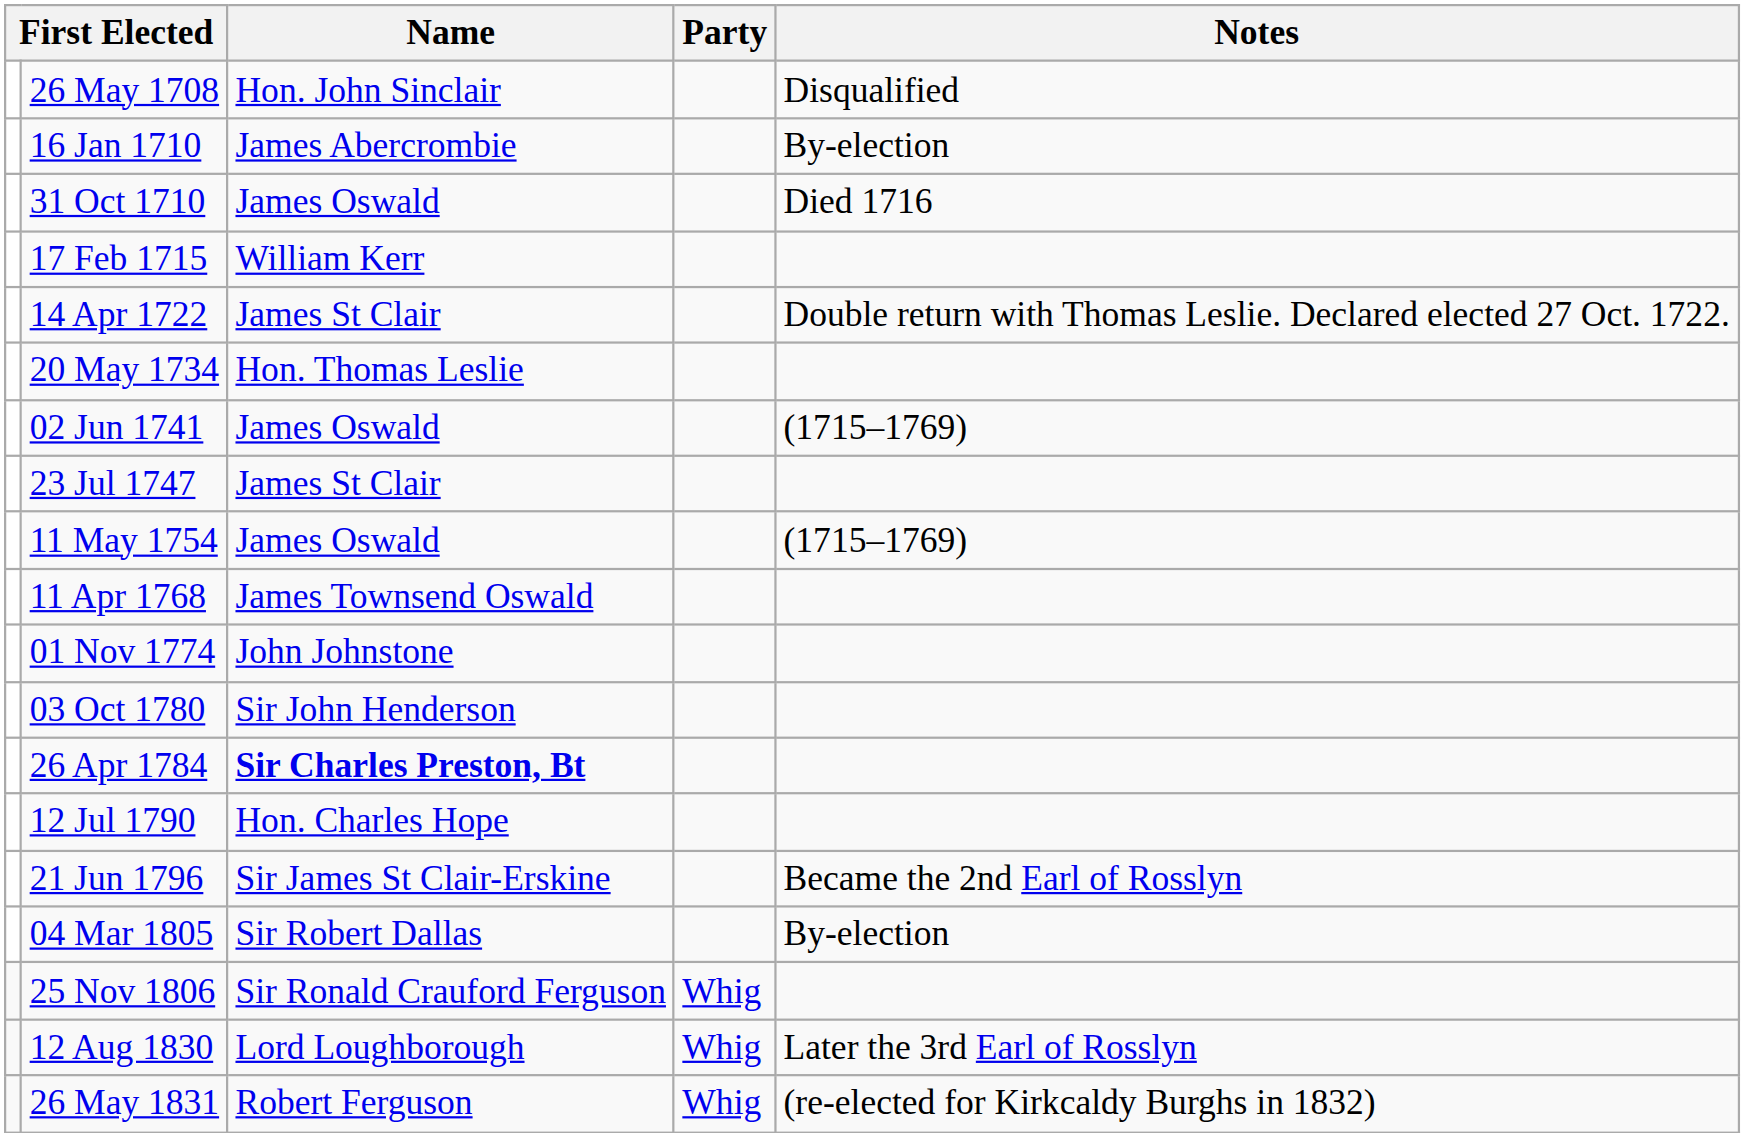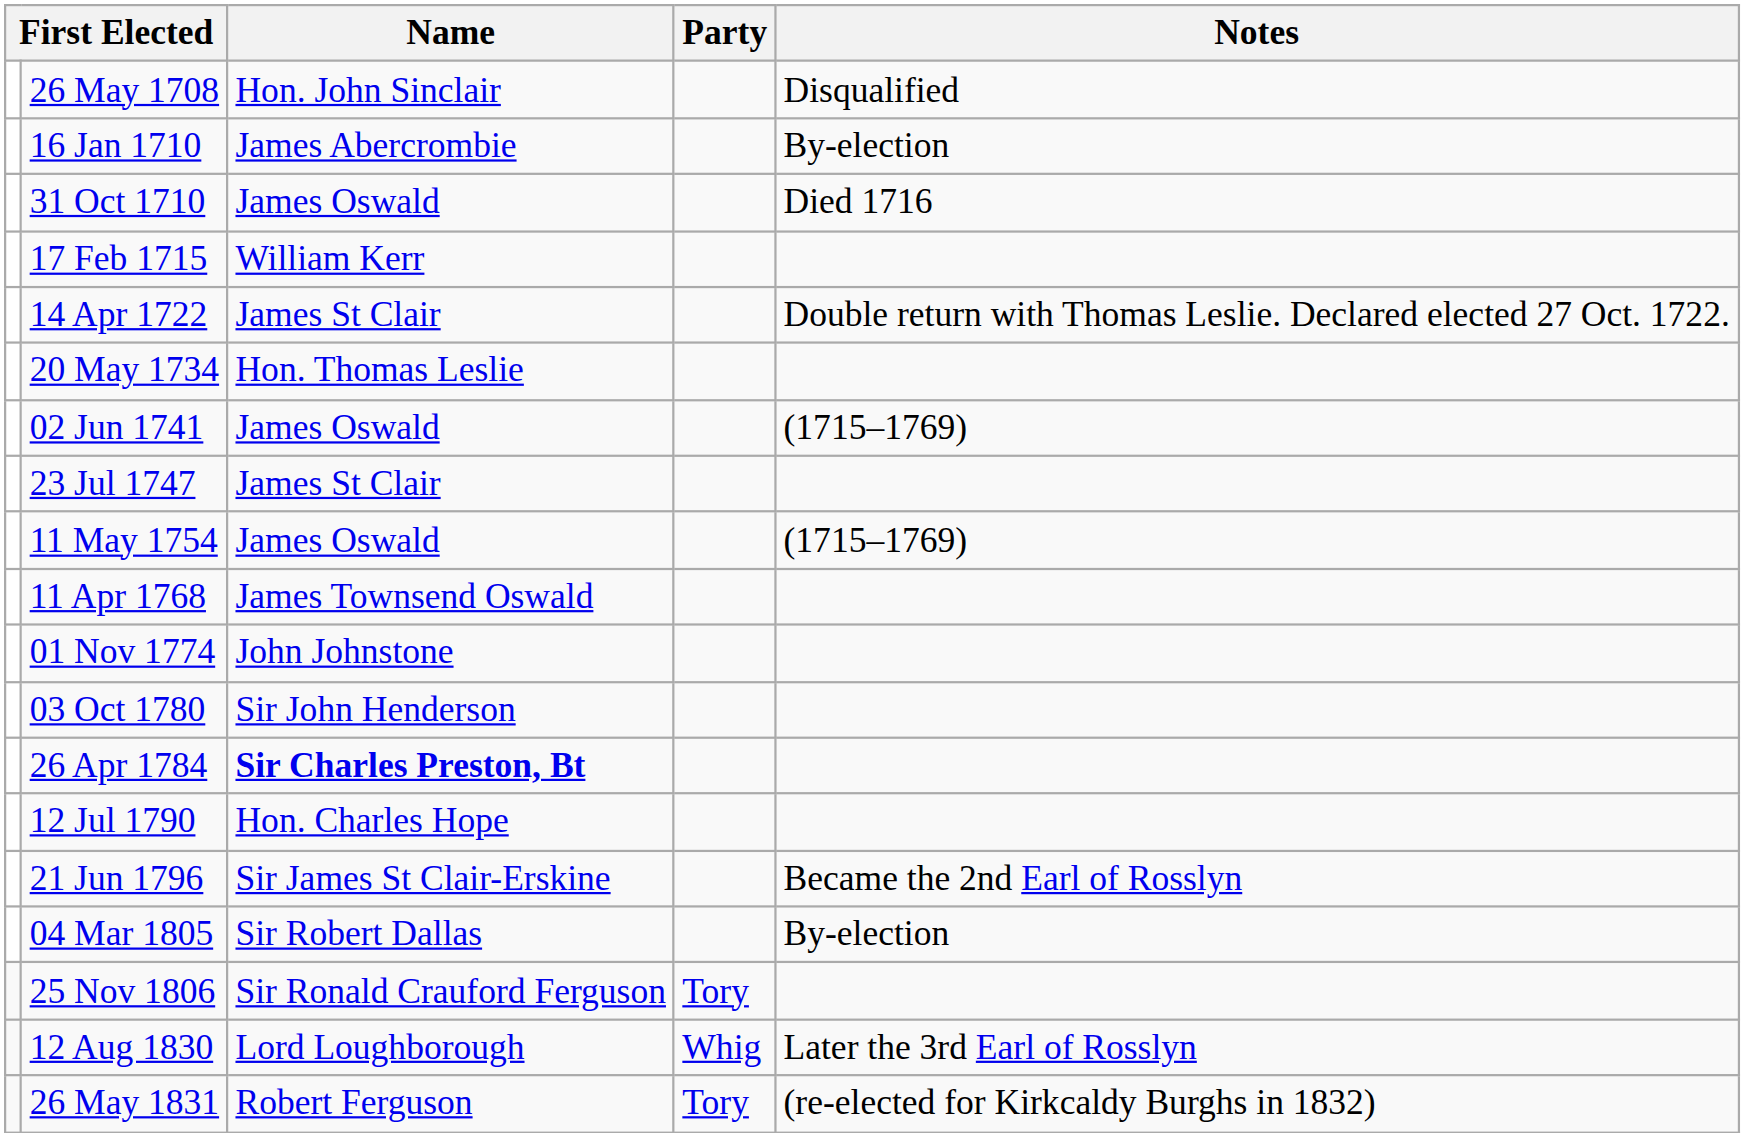 <table class="wikitable">
 <tr>
 <th colspan="2">First Elected</th>
 <th>Name </th>
 <th>Party</th>
 <th>Notes</th>
 </tr>
 <tr>
 <td style="color:inherit;background-color: white"></td>
 <td><a href='#'>26 May 1708</a></td>
 <td><a href='#'>Hon. John Sinclair</a></td>
 <td></td>
 <td>Disqualified</td>
 </tr>
 <tr>
 <td style="color:inherit;background-color: white"></td>
 <td><a href='#'>16 Jan 1710</a></td>
 <td><a href='#'>James Abercrombie</a></td>
 <td></td>
 <td>By-election</td>
 </tr>
 <tr>
 <td style="color:inherit;background-color: white"></td>
 <td><a href='#'>31 Oct 1710</a></td>
 <td><a href='#'>James Oswald</a></td>
 <td></td>
 <td>Died 1716</td>
 </tr>
 <tr>
 <td style="color:inherit;background-color: white"></td>
 <td><a href='#'>17 Feb 1715</a></td>
 <td><a href='#'>William Kerr</a></td>
 <td></td>
 <td></td>
 </tr>
 <tr>
 <td style="color:inherit;background-color: white"></td>
 <td><a href='#'>14 Apr 1722</a></td>
 <td><a href='#'>James St Clair</a></td>
 <td></td>
 <td>Double return with Thomas Leslie. Declared elected 27 Oct. 1722.</td>
 </tr>
 <tr>
 <td style="color:inherit;background-color: white"></td>
 <td><a href='#'>20 May 1734</a></td>
 <td><a href='#'>Hon. Thomas Leslie</a></td>
 <td></td>
 <td></td>
 </tr>
 <tr>
 <td style="color:inherit;background-color: white"></td>
 <td><a href='#'>02 Jun 1741</a></td>
 <td><a href='#'>James Oswald</a></td>
 <td></td>
 <td>(1715–1769)</td>
 </tr>
 <tr>
 <td style="color:inherit;background-color: white"></td>
 <td><a href='#'>23 Jul 1747</a></td>
 <td><a href='#'>James St Clair</a></td>
 <td></td>
 <td></td>
 </tr>
 <tr>
 <td style="color:inherit;background-color: white"></td>
 <td><a href='#'>11 May 1754</a></td>
 <td><a href='#'>James Oswald</a></td>
 <td></td>
 <td>(1715–1769)</td>
 </tr>
 <tr>
 <td style="color:inherit;background-color: white"></td>
 <td><a href='#'>11 Apr 1768</a></td>
 <td><a href='#'>James Townsend Oswald</a></td>
 <td></td>
 <td></td>
 </tr>
 <tr>
 <td style="color:inherit;background-color: white"></td>
 <td><a href='#'>01 Nov 1774</a></td>
 <td><a href='#'>John Johnstone</a></td>
 <td></td>
 <td></td>
 </tr>
 <tr>
 <td style="color:inherit;background-color: white"></td>
 <td><a href='#'>03 Oct 1780</a></td>
 <td><a href='#'>Sir John Henderson</a></td>
 <td></td>
 <td></td>
 </tr>
 <tr>
 <td style="color:inherit;background-color: white"></td>
 <td><a href='#'>26 Apr 1784</a></td>
 <td><strong><a href='#'>Sir Charles Preston, Bt</a></strong></td>
 <td></td>
 <td></td>
 </tr>
 <tr>
 <td style="color:inherit;background-color: white"></td>
 <td><a href='#'>12 Jul 1790</a></td>
 <td><a href='#'>Hon. Charles Hope</a></td>
 <td></td>
 <td></td>
 </tr>
 <tr>
 <td style="color:inherit;background-color: white"></td>
 <td><a href='#'>21 Jun 1796</a></td>
 <td><a href='#'>Sir James St Clair-Erskine</a></td>
 <td></td>
 <td>Became the 2nd <a href='#'>Earl of Rosslyn</a></td>
 </tr>
 <tr>
 <td style="color:inherit;background-color: white"></td>
 <td><a href='#'>04 Mar 1805</a></td>
 <td><a href='#'>Sir Robert Dallas</a></td>
 <td></td>
 <td>By-election</td>
 </tr>
 <tr>
 <td style="color:inherit;background-color: "></td>
 <td><a href='#'>25 Nov 1806</a></td>
 <td><a href='#'>Sir Ronald Crauford Ferguson</a></td>
-<td><a href='#'>Whig</a></td>
+<td><a href='#'>Tory</a></td>
 <td></td>
 </tr>
 <tr>
 <td style="color:inherit;background-color: "></td>
 <td><a href='#'>12 Aug 1830</a></td>
 <td><a href='#'>Lord Loughborough</a></td>
 <td><a href='#'>Whig</a></td>
 <td>Later the 3rd <a href='#'>Earl of Rosslyn</a></td>
 </tr>
 <tr>
 <td style="color:inherit;background-color: "></td>
 <td><a href='#'>26 May 1831</a></td>
 <td><a href='#'>Robert Ferguson</a></td>
-<td><a href='#'>Whig</a></td>
+<td><a href='#'>Tory</a></td>
 <td>(re-elected for Kirkcaldy Burghs in 1832)</td>
 </tr>
 <tr>
 </tr>
 </table>
